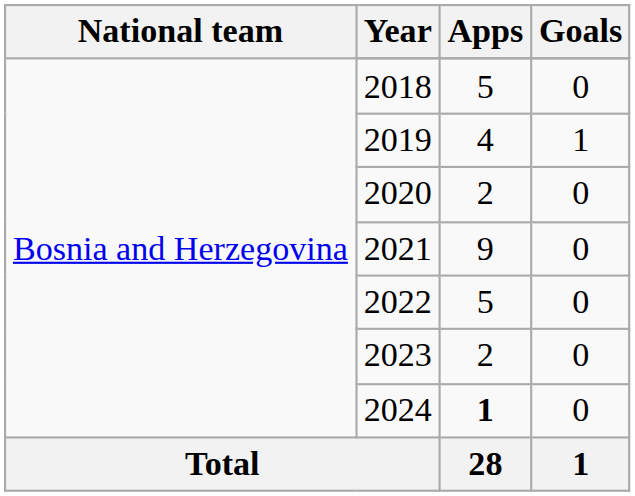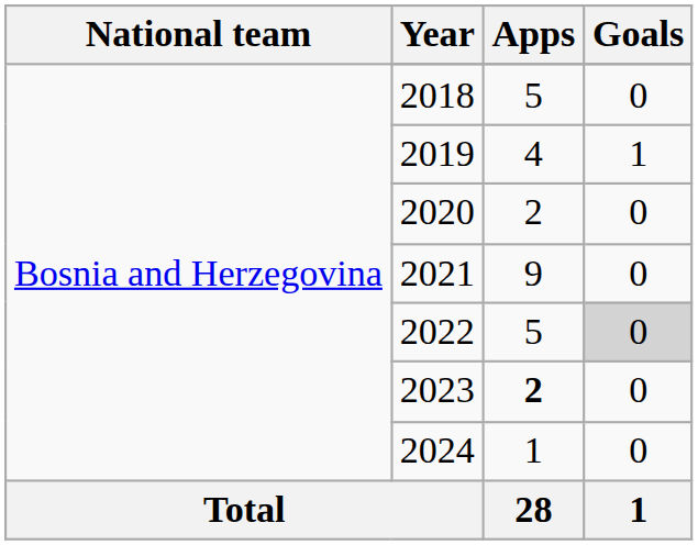 <table class="wikitable" style="text-align:center">
 <tr>
 <th>National team</th>
 <th>Year</th>
 <th>Apps</th>
 <th>Goals</th>
 </tr>
 <tr>
 <td rowspan=8><a href='#'>Bosnia and Herzegovina</a></td>
 </tr>
 <tr>
 <td>2018</td>
 <td>5</td>
 <td>0</td>
 </tr>
 <tr>
 <td>2019</td>
 <td>4</td>
 <td>1</td>
 </tr>
 <tr>
 <td>2020</td>
 <td>2</td>
 <td>0</td>
 </tr>
 <tr>
 <td>2021</td>
 <td>9</td>
 <td>0</td>
 </tr>
 <tr>
 <td>2022</td>
 <td>5</td>
-<td>0</td>
+<td style="background: lightgrey;">0</td>
 </tr>
 <tr>
 <td>2023</td>
-<td>2</td>
+<td><strong>2</strong></td>
 <td>0</td>
 </tr>
 <tr>
 <td>2024</td>
-<td><strong>1</strong></td>
+<td>1</td>
 <td>0</td>
 </tr>
 <tr>
 <th colspan=2>Total</th>
 <th>28</th>
 <th>1</th>
 </tr>
 </table>
